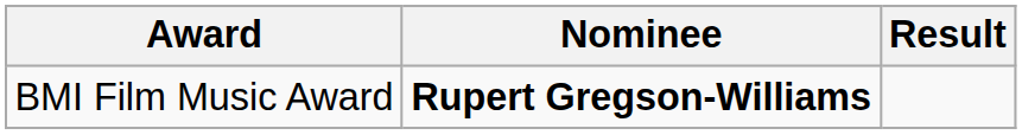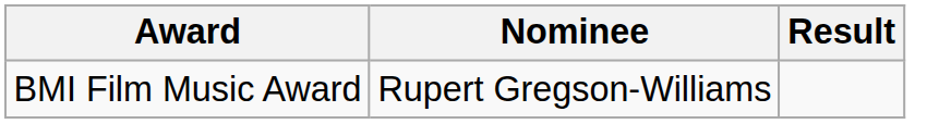 <table class="wikitable sortable">
 <tr>
 <th>Award</th>
 <th>Nominee</th>
 <th>Result</th>
 </tr>
 <tr>
 <td rowspan="2">BMI Film Music Award</td>
-<td><strong>Rupert Gregson-Williams</strong></td>
+<td>Rupert Gregson-Williams</td>
 <td></td>
 </tr>
 </table>
